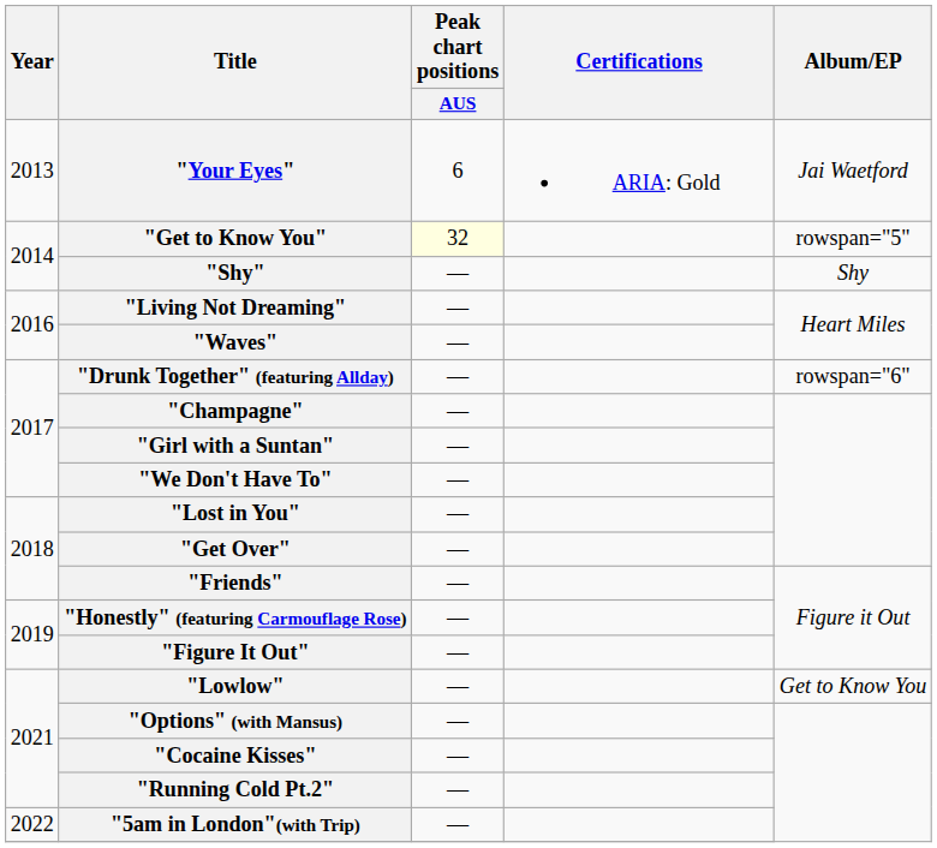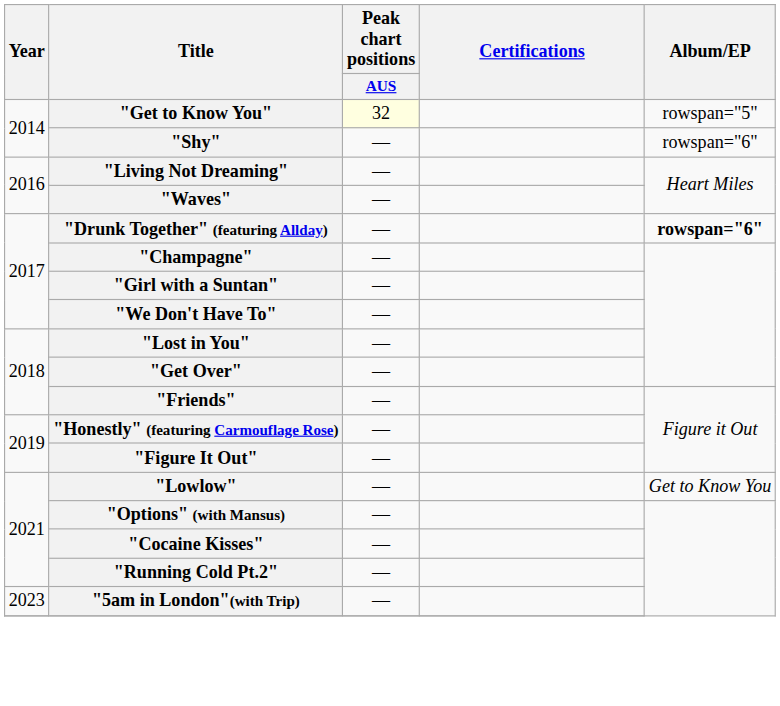 <table class="wikitable plainrowheaders" style="text-align:center;">
 <tr>
 <th scope="col" rowspan="2">Year</th>
 <th scope="col" rowspan="2">Title</th>
 <th scope="col" colspan="1">Peak chart positions</th>
 <th scope="col" rowspan="2" style="width:12em;"><a href='#'>Certifications</a></th>
 <th scope="col" rowspan="2">Album/EP</th>
 </tr>
 <tr>
 <th scope="col" style="width:3em;font-size:85%;"><a href='#'>AUS</a><br></th>
 </tr>
 <tr>
-<td>2013</td>
-<th scope="row">"<a href='#'>Your Eyes</a>"</th>
-<td>6</td>
-<td><br><ul><li><a href='#'>ARIA</a>: Gold</li></ul></td>
-<td><em>Jai Waetford</em></td>
-</tr>
-<tr>
 <td rowspan="2">2014</td>
 <th scope="row">"Get to Know You"</th>
 <td style="background: lightyellow;">32</td>
 <td></td>
 <td>rowspan="5" </td>
 </tr>
 <tr>
 <th scope="row">"Shy"</th>
 <td>—</td>
 <td></td>
-<td><em>Shy</em></td>
+<td>rowspan="6" </td>
 </tr>
 <tr>
 <td rowspan="2">2016</td>
 <th scope="row">"Living Not Dreaming"</th>
 <td>—</td>
 <td></td>
 <td rowspan="2"><em>Heart Miles</em></td>
 </tr>
 <tr>
 <th scope="row">"Waves"</th>
 <td>—</td>
 </tr>
 <tr>
 <td rowspan="4">2017</td>
 <th scope="row">"Drunk Together" <small>(featuring <a href='#'>Allday</a>)</small></th>
 <td>—</td>
 <td></td>
-<td>rowspan="6" </td>
+<td><strong>rowspan="6" </strong></td>
 </tr>
 <tr>
 <th scope="row">"Champagne"</th>
 <td>—</td>
 <td></td>
 </tr>
 <tr>
 <th scope="row">"Girl with a Suntan"</th>
 <td>—</td>
 <td></td>
 </tr>
 <tr>
 <th scope="row">"We Don't Have To"</th>
 <td>—</td>
 <td></td>
 </tr>
 <tr>
 <td rowspan="3">2018</td>
 <th scope="row">"Lost in You"</th>
 <td>—</td>
 <td></td>
 </tr>
 <tr>
 <th scope="row">"Get Over"</th>
 <td>—</td>
 <td></td>
 </tr>
 <tr>
 <th scope="row">"Friends"</th>
 <td>—</td>
 <td></td>
 <td rowspan="3"><em>Figure it Out</em></td>
 </tr>
 <tr>
 <td rowspan="2">2019</td>
 <th scope="row">"Honestly" <small> (featuring <a href='#'>Carmouflage Rose</a>)</small></th>
 <td>—</td>
 <td></td>
 </tr>
 <tr>
 <th scope="row">"Figure It Out"</th>
 <td>—</td>
 <td></td>
 </tr>
 <tr>
 <td rowspan="4">2021</td>
 <th scope="row">"Lowlow"</th>
 <td>—</td>
 <td></td>
 <td><em>Get to Know You</em></td>
 </tr>
 <tr>
 <th scope="row">"Options" <small>(with Mansus)</small></th>
 <td>—</td>
 <td></td>
 </tr>
 <tr>
 <th scope="row">"Cocaine Kisses"</th>
 <td>—</td>
 <td></td>
 </tr>
 <tr>
 <th scope="row">"Running Cold Pt.2"</th>
 <td>—</td>
 <td></td>
 </tr>
 <tr>
-<td>2022</td>
+<td>2023</td>
 <th scope="row">"5am in London"<small>(with Trip)</small></th>
 <td>—</td>
 <td></td>
 </tr>
 <tr>
 </tr>
 </table>
